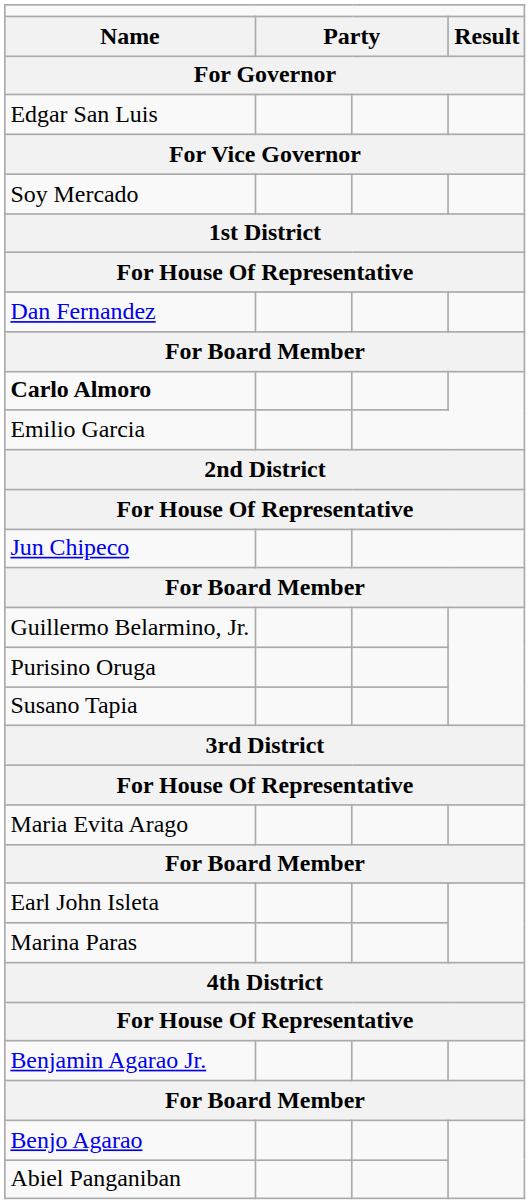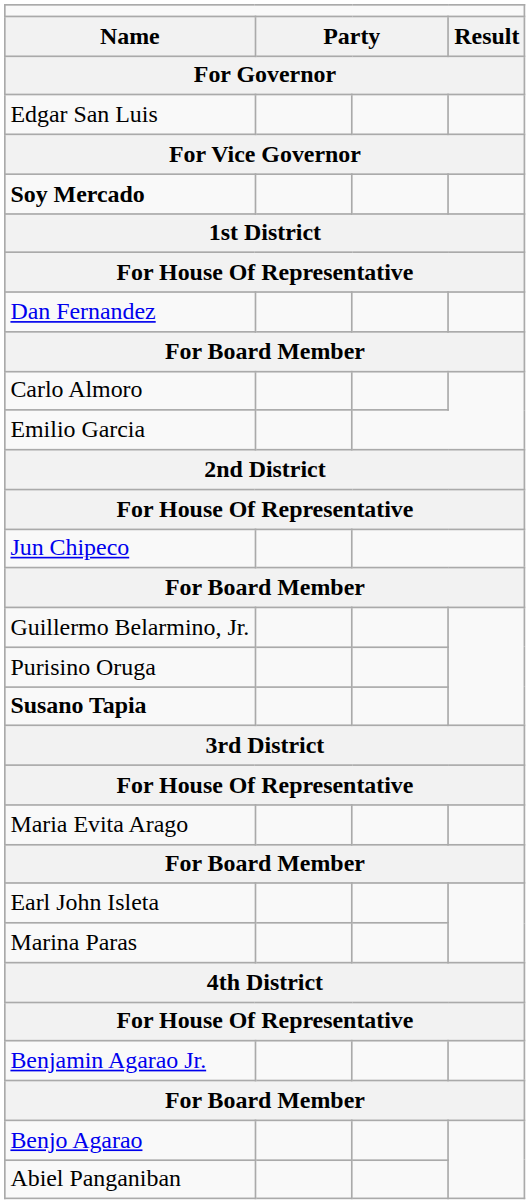 <table class="wikitable" style="font-size:90%">
 <tr>
 <td colspan="5" style="color:inherit;background:"></td>
 </tr>
 <tr>
 <th !width=150px>Name</th>
 <th colspan=2 width=110px>Party</th>
 <th>Result</th>
 </tr>
 <tr>
 <th colspan="5">For Governor</th>
 </tr>
 <tr>
 <td>Edgar San Luis</td>
 <td></td>
 <td></td>
 </tr>
 <tr>
 <th colspan="5">For Vice Governor</th>
 </tr>
 <tr>
-<td>Soy Mercado</td>
+<td><strong>Soy Mercado</strong></td>
 <td></td>
 <td></td>
 </tr>
 <tr>
 <th colspan="5">1st District</th>
 </tr>
 <tr>
 <th colspan="5">For House Of Representative</th>
 </tr>
 <tr>
 <td><a href='#'>Dan Fernandez</a></td>
 <td></td>
 <td></td>
 </tr>
 <tr>
 <th colspan="5">For Board Member</th>
 </tr>
 <tr>
-<td><strong>Carlo Almoro</strong></td>
+<td>Carlo Almoro</td>
 <td></td>
 <td></td>
 </tr>
 <tr>
 <td>Emilio Garcia</td>
 <td></td>
 </tr>
 <tr>
 <th colspan="5">2nd District</th>
 </tr>
 <tr>
 <th colspan="5">For House Of Representative</th>
 </tr>
 <tr>
 <td><a href='#'>Jun Chipeco</a></td>
 <td></td>
 </tr>
 <tr>
 <th colspan="5">For Board Member</th>
 </tr>
 <tr>
 <td>Guillermo Belarmino, Jr.</td>
 <td></td>
 <td></td>
 </tr>
 <tr>
 <td>Purisino Oruga</td>
 <td></td>
 <td></td>
 </tr>
 <tr>
-<td>Susano Tapia</td>
+<td><strong>Susano Tapia</strong></td>
 <td></td>
 <td></td>
 </tr>
 <tr>
 <th colspan="5">3rd District</th>
 </tr>
 <tr>
 <th colspan="5">For House Of Representative</th>
 </tr>
 <tr>
 <td>Maria Evita Arago</td>
 <td></td>
 <td></td>
 </tr>
 <tr>
 <th colspan="5">For Board Member</th>
 </tr>
 <tr>
 <td>Earl John Isleta</td>
 <td></td>
 <td></td>
 </tr>
 <tr>
 <td>Marina Paras</td>
 <td></td>
 <td></td>
 </tr>
 <tr>
 <th colspan="5">4th District</th>
 </tr>
 <tr>
 <th colspan="5">For House Of Representative</th>
 </tr>
 <tr>
 <td><a href='#'>Benjamin Agarao Jr.</a></td>
 <td></td>
 <td></td>
 </tr>
 <tr>
 <th colspan="5">For Board Member</th>
 </tr>
 <tr>
 <td><a href='#'>Benjo Agarao</a></td>
 <td></td>
 <td></td>
 </tr>
 <tr>
 <td>Abiel Panganiban</td>
 <td></td>
 <td></td>
 </tr>
 </table>
